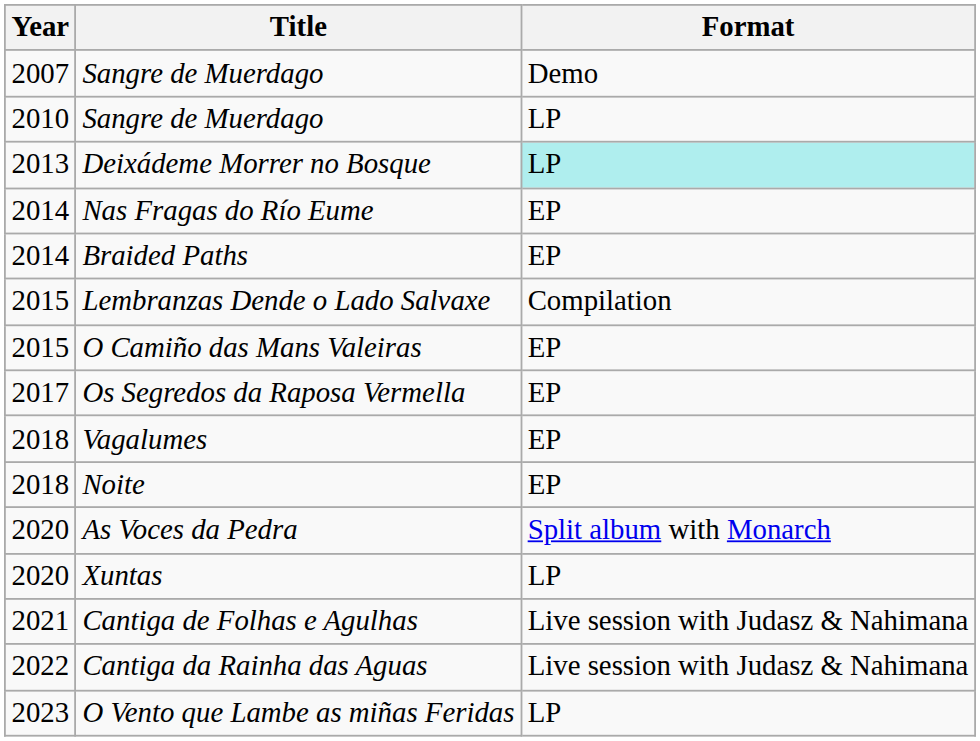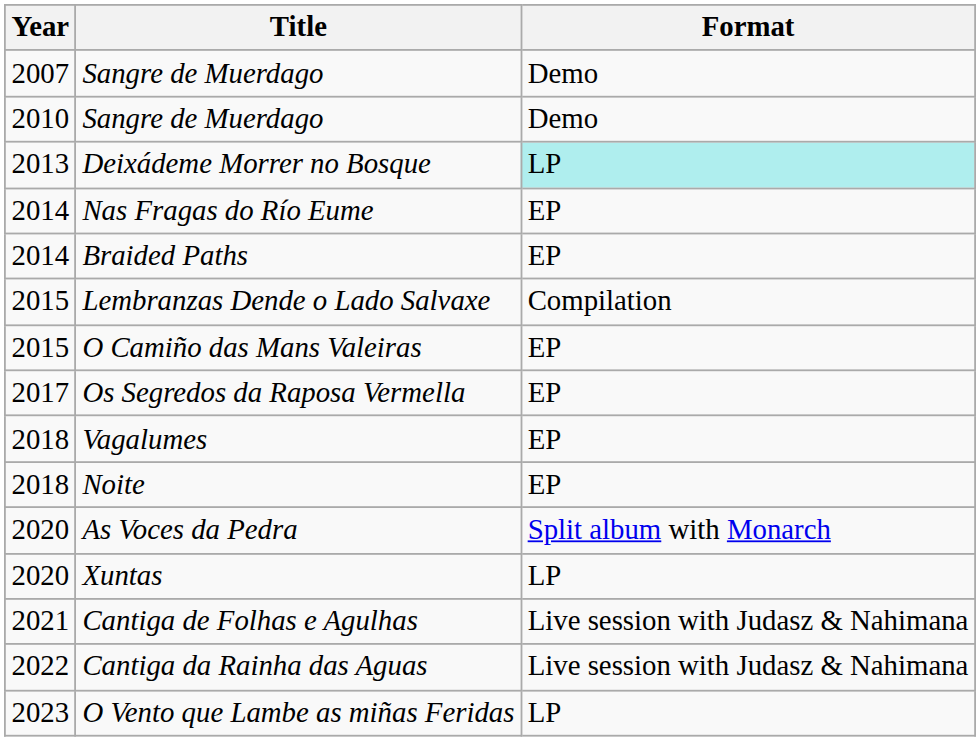 <table class="wikitable">
 <tr>
 <th>Year</th>
 <th>Title</th>
 <th>Format</th>
 </tr>
 <tr>
 <td>2007</td>
 <td><em>Sangre de Muerdago</em></td>
 <td>Demo</td>
 </tr>
 <tr>
 <td>2010</td>
 <td><em>Sangre de Muerdago</em></td>
-<td>LP</td>
+<td>Demo</td>
 </tr>
 <tr>
 <td>2013</td>
 <td><em>Deixádeme Morrer no Bosque</em></td>
 <td style="background: paleturquoise;">LP</td>
 </tr>
 <tr>
 <td>2014</td>
 <td><em>Nas Fragas do Río Eume</em></td>
 <td>EP</td>
 </tr>
 <tr>
 <td>2014</td>
 <td><em>Braided Paths</em></td>
 <td>EP</td>
 </tr>
 <tr>
 <td>2015</td>
 <td><em>Lembranzas Dende o Lado Salvaxe</em></td>
 <td>Compilation</td>
 </tr>
 <tr>
 <td>2015</td>
 <td><em>O Camiño das Mans Valeiras</em></td>
 <td>EP</td>
 </tr>
 <tr>
 <td>2017</td>
 <td><em>Os Segredos da Raposa Vermella</em></td>
 <td>EP</td>
 </tr>
 <tr>
 <td>2018</td>
 <td><em>Vagalumes</em></td>
 <td>EP</td>
 </tr>
 <tr>
 <td>2018</td>
 <td><em>Noite</em></td>
 <td>EP</td>
 </tr>
 <tr>
 <td>2020</td>
 <td><em>As Voces da Pedra</em></td>
 <td><a href='#'>Split album</a> with <a href='#'>Monarch</a></td>
 </tr>
 <tr>
 <td>2020</td>
 <td><em>Xuntas</em></td>
 <td>LP</td>
 </tr>
 <tr>
 <td>2021</td>
 <td><em>Cantiga de Folhas e Agulhas</em></td>
 <td>Live session with Judasz & Nahimana</td>
 </tr>
 <tr>
 <td>2022</td>
 <td><em>Cantiga da Rainha das Aguas</em></td>
 <td>Live session with Judasz & Nahimana</td>
 </tr>
 <tr>
 <td>2023</td>
 <td><em>O Vento que Lambe as mi​ñ​as Feridas</em></td>
 <td>LP</td>
 </tr>
 </table>
